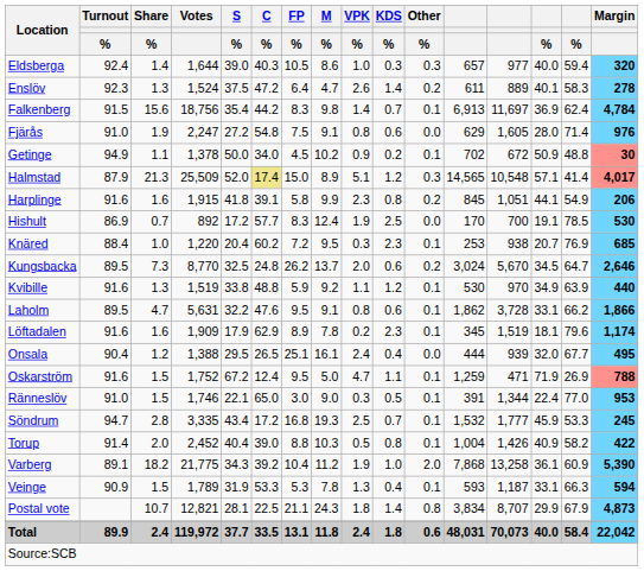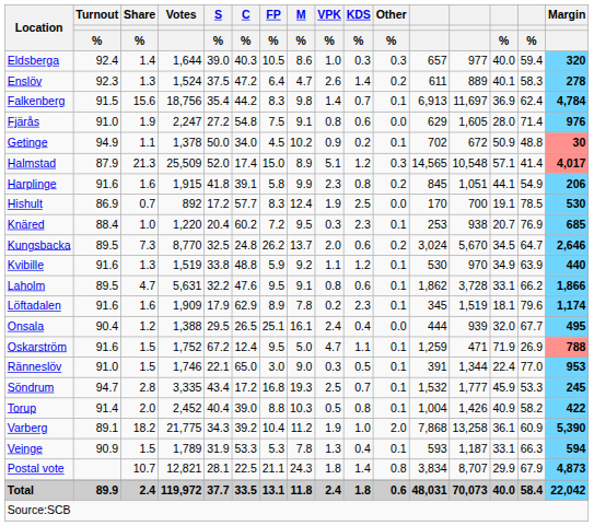 <table class="wikitable sortable" style="text-align:right; font-size:95%; line-height:20px;">
 <tr>
 <th rowspan="3">Location</th>
 <th>Turnout</th>
 <th>Share</th>
 <th>Votes</th>
 <th width="30px" class="unsortable"><a href='#'>S</a></th>
 <th width="30px" class="unsortable"><a href='#'>C</a></th>
 <th width="30px" class="unsortable"><a href='#'>FP</a></th>
 <th width="30px" class="unsortable"><a href='#'>M</a></th>
 <th width="30px" class="unsortable"><a href='#'>VPK</a></th>
 <th width="30px" class="unsortable"><a href='#'>KDS</a></th>
 <th width="30px" class="unsortable">Other</th>
 <th></th>
 <th></th>
 <th></th>
 <th></th>
 <th>Margin</th>
 </tr>
 <tr>
 <th></th>
 <th></th>
 <th></th>
 <th style="background:"></th>
 <th style="background:"></th>
 <th style="background:"></th>
 <th style="background:"></th>
 <th style="background:"></th>
 <th style="background:"></th>
 <th style="background:"></th>
 <th style="background:"></th>
 <th style="background:"></th>
 <th style="background:"></th>
 <th style="background:"></th>
 <th></th>
 </tr>
 <tr>
 <th data-sort-type="number">%</th>
 <th data-sort-type="number">%</th>
 <th></th>
 <th data-sort-type="number">%</th>
 <th data-sort-type="number">%</th>
 <th data-sort-type="number">%</th>
 <th data-sort-type="number">%</th>
 <th data-sort-type="number">%</th>
 <th data-sort-type="number">%</th>
 <th data-sort-type="number">%</th>
 <th data-sort-type="number"></th>
 <th data-sort-type="number"></th>
 <th data-sort-type="number">%</th>
 <th data-sort-type="number">%</th>
 <th data-sort-type="number"></th>
 </tr>
 <tr>
 <td align=left><a href='#'>Eldsberga</a></td>
 <td>92.4</td>
 <td>1.4</td>
 <td>1,644</td>
 <td>39.0</td>
 <td>40.3</td>
 <td>10.5</td>
 <td>8.6</td>
 <td>1.0</td>
 <td>0.3</td>
 <td>0.3</td>
 <td>657</td>
 <td>977</td>
 <td>40.0</td>
 <td>59.4</td>
 <td bgcolor=#6fd5fe><strong>320</strong></td>
 </tr>
 <tr>
 <td align=left><a href='#'>Enslöv</a></td>
 <td>92.3</td>
 <td>1.3</td>
 <td>1,524</td>
 <td>37.5</td>
 <td>47.2</td>
 <td>6.4</td>
 <td>4.7</td>
 <td>2.6</td>
 <td>1.4</td>
 <td>0.2</td>
 <td>611</td>
 <td>889</td>
 <td>40.1</td>
 <td>58.3</td>
 <td bgcolor=#6fd5fe><strong>278</strong></td>
 </tr>
 <tr>
 <td align=left><a href='#'>Falkenberg</a></td>
 <td>91.5</td>
 <td>15.6</td>
 <td>18,756</td>
 <td>35.4</td>
 <td>44.2</td>
 <td>8.3</td>
 <td>9.8</td>
 <td>1.4</td>
 <td>0.7</td>
 <td>0.1</td>
 <td>6,913</td>
 <td>11,697</td>
 <td>36.9</td>
 <td>62.4</td>
 <td bgcolor=#6fd5fe><strong>4,784</strong></td>
 </tr>
 <tr>
 <td align=left><a href='#'>Fjärås</a></td>
 <td>91.0</td>
 <td>1.9</td>
 <td>2,247</td>
 <td>27.2</td>
 <td>54.8</td>
 <td>7.5</td>
 <td>9.1</td>
 <td>0.8</td>
 <td>0.6</td>
 <td>0.0</td>
 <td>629</td>
 <td>1,605</td>
 <td>28.0</td>
 <td>71.4</td>
 <td bgcolor=#6fd5fe><strong>976</strong></td>
 </tr>
 <tr>
 <td align=left><a href='#'>Getinge</a></td>
 <td>94.9</td>
 <td>1.1</td>
 <td>1,378</td>
 <td>50.0</td>
 <td>34.0</td>
 <td>4.5</td>
 <td>10.2</td>
 <td>0.9</td>
 <td>0.2</td>
 <td>0.1</td>
 <td>702</td>
 <td>672</td>
 <td>50.9</td>
 <td>48.8</td>
 <td bgcolor=#ff908c><strong>30</strong></td>
 </tr>
 <tr>
 <td align=left><a href='#'>Halmstad</a></td>
 <td>87.9</td>
 <td>21.3</td>
 <td>25,509</td>
 <td>52.0</td>
-<td style="background: khaki;">17.4</td>
+<td>17.4</td>
 <td>15.0</td>
 <td>8.9</td>
 <td>5.1</td>
 <td>1.2</td>
 <td>0.3</td>
 <td>14,565</td>
 <td>10,548</td>
 <td>57.1</td>
 <td>41.4</td>
 <td bgcolor=#ff908c><strong>4,017</strong></td>
 </tr>
 <tr>
 <td align=left><a href='#'>Harplinge</a></td>
 <td>91.6</td>
 <td>1.6</td>
 <td>1,915</td>
 <td>41.8</td>
 <td>39.1</td>
 <td>5.8</td>
 <td>9.9</td>
 <td>2.3</td>
 <td>0.8</td>
 <td>0.2</td>
 <td>845</td>
 <td>1,051</td>
 <td>44.1</td>
 <td>54.9</td>
 <td bgcolor=#6fd5fe><strong>206</strong></td>
 </tr>
 <tr>
 <td align=left><a href='#'>Hishult</a></td>
 <td>86.9</td>
 <td>0.7</td>
 <td>892</td>
 <td>17.2</td>
 <td>57.7</td>
 <td>8.3</td>
 <td>12.4</td>
 <td>1.9</td>
 <td>2.5</td>
 <td>0.0</td>
 <td>170</td>
 <td>700</td>
 <td>19.1</td>
 <td>78.5</td>
 <td bgcolor=#6fd5fe><strong>530</strong></td>
 </tr>
 <tr>
 <td align=left><a href='#'>Knäred</a></td>
 <td>88.4</td>
 <td>1.0</td>
 <td>1,220</td>
 <td>20.4</td>
 <td>60.2</td>
 <td>7.2</td>
 <td>9.5</td>
 <td>0.3</td>
 <td>2.3</td>
 <td>0.1</td>
 <td>253</td>
 <td>938</td>
 <td>20.7</td>
 <td>76.9</td>
 <td bgcolor=#6fd5fe><strong>685</strong></td>
 </tr>
 <tr>
 <td align=left><a href='#'>Kungsbacka</a></td>
 <td>89.5</td>
 <td>7.3</td>
 <td>8,770</td>
 <td>32.5</td>
 <td>24.8</td>
 <td>26.2</td>
 <td>13.7</td>
 <td>2.0</td>
 <td>0.6</td>
 <td>0.2</td>
 <td>3,024</td>
 <td>5,670</td>
 <td>34.5</td>
 <td>64.7</td>
 <td bgcolor=#6fd5fe><strong>2,646</strong></td>
 </tr>
 <tr>
 <td align=left><a href='#'>Kvibille</a></td>
 <td>91.6</td>
 <td>1.3</td>
 <td>1,519</td>
 <td>33.8</td>
 <td>48.8</td>
 <td>5.9</td>
 <td>9.2</td>
 <td>1.1</td>
 <td>1.2</td>
 <td>0.1</td>
 <td>530</td>
 <td>970</td>
 <td>34.9</td>
 <td>63.9</td>
 <td bgcolor=#6fd5fe><strong>440</strong></td>
 </tr>
 <tr>
 <td align=left><a href='#'>Laholm</a></td>
 <td>89.5</td>
 <td>4.7</td>
 <td>5,631</td>
 <td>32.2</td>
 <td>47.6</td>
 <td>9.5</td>
 <td>9.1</td>
 <td>0.8</td>
 <td>0.6</td>
 <td>0.1</td>
 <td>1,862</td>
 <td>3,728</td>
 <td>33.1</td>
 <td>66.2</td>
 <td bgcolor=#6fd5fe><strong>1,866</strong></td>
 </tr>
 <tr>
 <td align=left><a href='#'>Löftadalen</a></td>
 <td>91.6</td>
 <td>1.6</td>
 <td>1,909</td>
 <td>17.9</td>
 <td>62.9</td>
 <td>8.9</td>
 <td>7.8</td>
 <td>0.2</td>
 <td>2.3</td>
 <td>0.1</td>
 <td>345</td>
 <td>1,519</td>
 <td>18.1</td>
 <td>79.6</td>
 <td bgcolor=#6fd5fe><strong>1,174</strong></td>
 </tr>
 <tr>
 <td align=left><a href='#'>Onsala</a></td>
 <td>90.4</td>
 <td>1.2</td>
 <td>1,388</td>
 <td>29.5</td>
 <td>26.5</td>
 <td>25.1</td>
 <td>16.1</td>
 <td>2.4</td>
 <td>0.4</td>
 <td>0.0</td>
 <td>444</td>
 <td>939</td>
 <td>32.0</td>
 <td>67.7</td>
 <td bgcolor=#6fd5fe><strong>495</strong></td>
 </tr>
 <tr>
 <td align=left><a href='#'>Oskarström</a></td>
 <td>91.6</td>
 <td>1.5</td>
 <td>1,752</td>
 <td>67.2</td>
 <td>12.4</td>
 <td>9.5</td>
 <td>5.0</td>
 <td>4.7</td>
 <td>1.1</td>
 <td>0.1</td>
 <td>1,259</td>
 <td>471</td>
 <td>71.9</td>
 <td>26.9</td>
 <td bgcolor=#ff908c><strong>788</strong></td>
 </tr>
 <tr>
 <td align=left><a href='#'>Ränneslöv</a></td>
 <td>91.0</td>
 <td>1.5</td>
 <td>1,746</td>
 <td>22.1</td>
 <td>65.0</td>
 <td>3.0</td>
 <td>9.0</td>
 <td>0.3</td>
 <td>0.5</td>
 <td>0.1</td>
 <td>391</td>
 <td>1,344</td>
 <td>22.4</td>
 <td>77.0</td>
 <td bgcolor=#6fd5fe><strong>953</strong></td>
 </tr>
 <tr>
 <td align=left><a href='#'>Söndrum</a></td>
 <td>94.7</td>
 <td>2.8</td>
 <td>3,335</td>
 <td>43.4</td>
 <td>17.2</td>
 <td>16.8</td>
 <td>19.3</td>
 <td>2.5</td>
 <td>0.7</td>
 <td>0.1</td>
 <td>1,532</td>
 <td>1,777</td>
 <td>45.9</td>
 <td>53.3</td>
 <td bgcolor=#6fd5fe><strong>245</strong></td>
 </tr>
 <tr>
 <td align=left><a href='#'>Torup</a></td>
 <td>91.4</td>
 <td>2.0</td>
 <td>2,452</td>
 <td>40.4</td>
 <td>39.0</td>
 <td>8.8</td>
 <td>10.3</td>
 <td>0.5</td>
 <td>0.8</td>
 <td>0.1</td>
 <td>1,004</td>
 <td>1,426</td>
 <td>40.9</td>
 <td>58.2</td>
 <td bgcolor=#6fd5fe><strong>422</strong></td>
 </tr>
 <tr>
 <td align=left><a href='#'>Varberg</a></td>
 <td>89.1</td>
 <td>18.2</td>
 <td>21,775</td>
 <td>34.3</td>
 <td>39.2</td>
 <td>10.4</td>
 <td>11.2</td>
 <td>1.9</td>
 <td>1.0</td>
 <td>2.0</td>
 <td>7,868</td>
 <td>13,258</td>
 <td>36.1</td>
 <td>60.9</td>
 <td bgcolor=#6fd5fe><strong>5,390</strong></td>
 </tr>
 <tr>
 <td align=left><a href='#'>Veinge</a></td>
 <td>90.9</td>
 <td>1.5</td>
 <td>1,789</td>
 <td>31.9</td>
 <td>53.3</td>
 <td>5.3</td>
 <td>7.8</td>
 <td>1.3</td>
 <td>0.4</td>
 <td>0.1</td>
 <td>593</td>
 <td>1,187</td>
 <td>33.1</td>
 <td>66.3</td>
 <td bgcolor=#6fd5fe><strong>594</strong></td>
 </tr>
 <tr>
 <td align=left><a href='#'>Postal vote</a></td>
 <td></td>
 <td>10.7</td>
 <td>12,821</td>
 <td>28.1</td>
 <td>22.5</td>
 <td>21.1</td>
 <td>24.3</td>
 <td>1.8</td>
 <td>1.4</td>
 <td>0.8</td>
 <td>3,834</td>
 <td>8,707</td>
 <td>29.9</td>
 <td>67.9</td>
 <td bgcolor=#6fd5fe><strong>4,873</strong></td>
 </tr>
 <tr>
 </tr>
 <tr style="background:#CDCDCD;">
 <td align=left><strong>Total</strong></td>
 <td><strong>89.9</strong></td>
 <td><strong>2.4</strong></td>
 <td><strong>119,972</strong></td>
 <td><strong>37.7</strong></td>
 <td><strong>33.5</strong></td>
 <td><strong>13.1</strong></td>
 <td><strong>11.8</strong></td>
 <td><strong>2.4</strong></td>
 <td><strong>1.8</strong></td>
 <td><strong>0.6</strong></td>
 <td><strong>48,031</strong></td>
 <td><strong>70,073</strong></td>
 <td><strong>40.0</strong></td>
 <td><strong>58.4</strong></td>
 <td bgcolor=#6fd5fe><strong>22,042</strong></td>
 </tr>
 <tr>
 <td align=left colspan=16>Source:SCB </td>
 </tr>
 </table>
